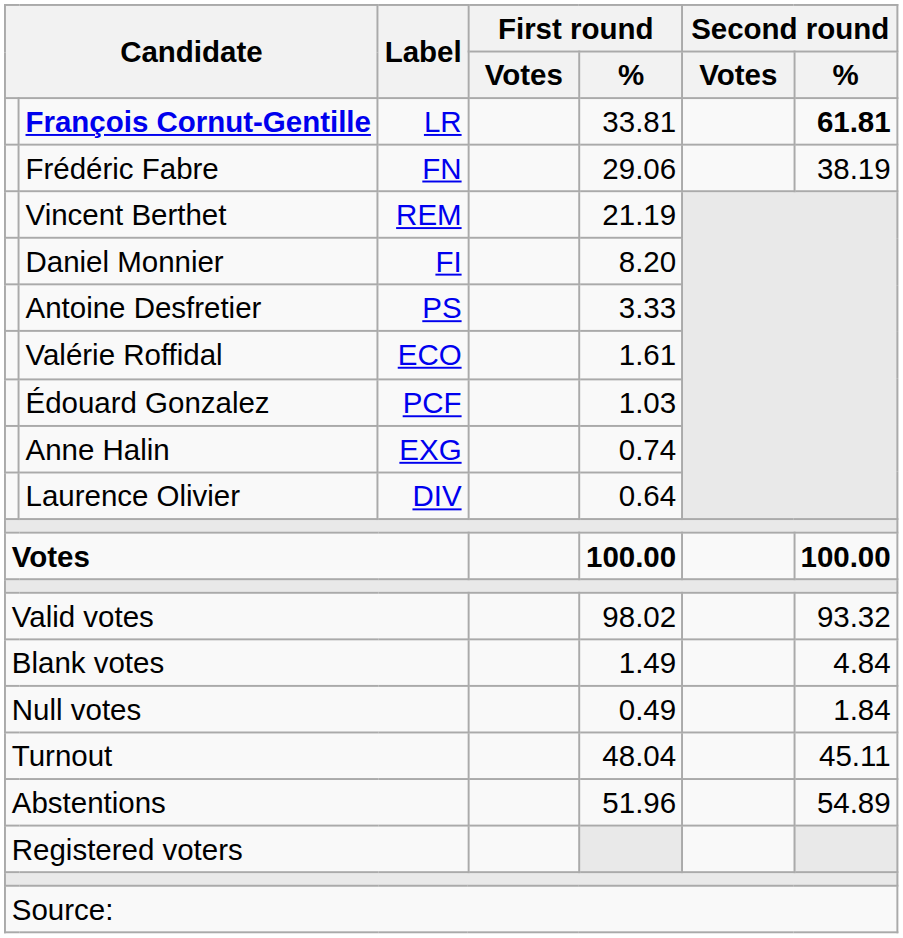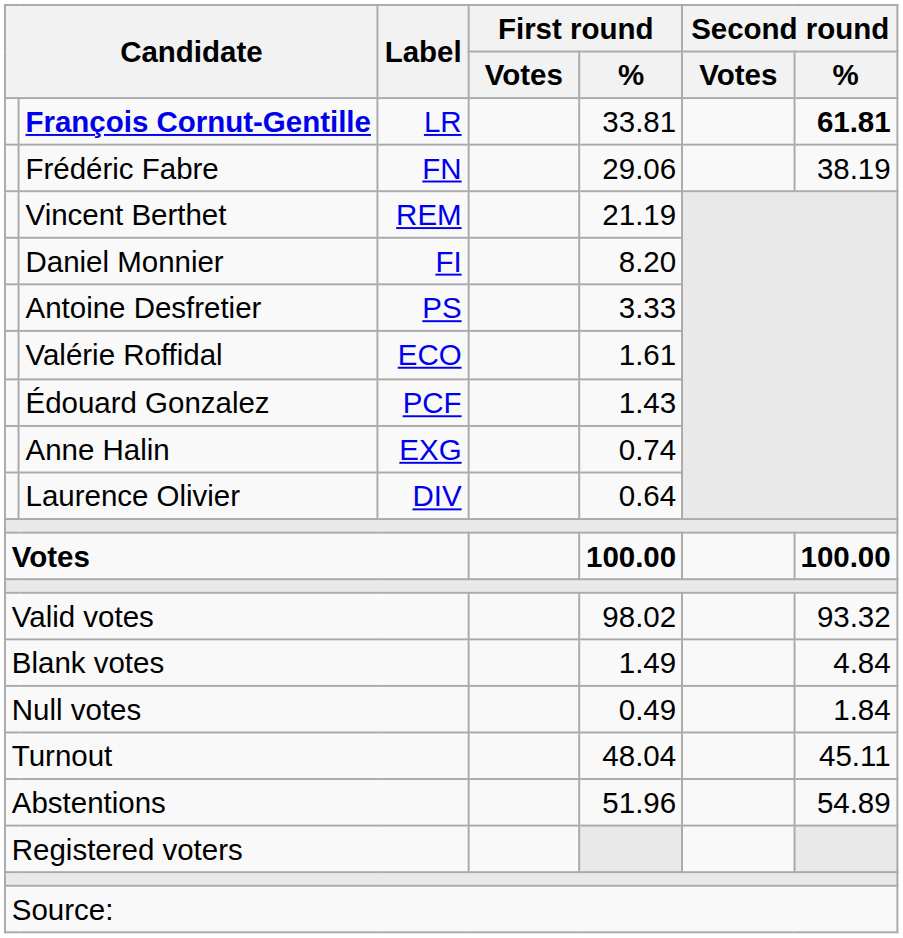 <table class="wikitable" style="text-align:right;font-size:95%;">
 <tr>
 <th rowspan="2" colspan="2">Candidate</th>
 <th rowspan="2">Label</th>
 <th colspan="2">First round</th>
 <th colspan="2">Second round</th>
 </tr>
 <tr>
 <th style="width:50px;">Votes</th>
 <th style="width:45px;">%</th>
 <th style="width:50px;">Votes</th>
 <th style="width:45px;">%</th>
 </tr>
 <tr>
 <td style="color:inherit;background:"></td>
 <td style="text-align:left;"><strong><a href='#'>François Cornut-Gentille</a></strong></td>
 <td><a href='#'>LR</a></td>
 <td></td>
 <td>33.81</td>
 <td><strong></strong></td>
 <td><strong>61.81</strong></td>
 </tr>
 <tr>
 <td style="color:inherit;background:"></td>
 <td style="text-align:left;">Frédéric Fabre</td>
 <td><a href='#'>FN</a></td>
 <td></td>
 <td>29.06</td>
 <td></td>
 <td>38.19</td>
 </tr>
 <tr>
 <td style="color:inherit;background:"></td>
 <td style="text-align:left;">Vincent Berthet</td>
 <td><a href='#'>REM</a></td>
 <td></td>
 <td>21.19</td>
 <td colspan="2" rowspan="7" style="background:#E9E9E9;"></td>
 </tr>
 <tr>
 <td style="color:inherit;background:"></td>
 <td style="text-align:left;">Daniel Monnier</td>
 <td><a href='#'>FI</a></td>
 <td></td>
 <td>8.20</td>
 </tr>
 <tr>
 <td style="color:inherit;background:"></td>
 <td style="text-align:left;">Antoine Desfretier</td>
 <td><a href='#'>PS</a></td>
 <td></td>
 <td>3.33</td>
 </tr>
 <tr>
 <td style="color:inherit;background:"></td>
 <td style="text-align:left;">Valérie Roffidal</td>
 <td><a href='#'>ECO</a></td>
 <td></td>
 <td>1.61</td>
 </tr>
 <tr>
 <td style="color:inherit;background:"></td>
 <td style="text-align:left;">Édouard Gonzalez</td>
 <td><a href='#'>PCF</a></td>
 <td></td>
-<td>1.03</td>
+<td>1.43</td>
 </tr>
 <tr>
 <td style="color:inherit;background:"></td>
 <td style="text-align:left;">Anne Halin</td>
 <td><a href='#'>EXG</a></td>
 <td></td>
 <td>0.74</td>
 </tr>
 <tr>
 <td style="color:inherit;background:"></td>
 <td style="text-align:left;">Laurence Olivier</td>
 <td><a href='#'>DIV</a></td>
 <td></td>
 <td>0.64</td>
 </tr>
 <tr>
 <td colspan="7" style="background:#E9E9E9;"></td>
 </tr>
 <tr style="font-weight:bold;">
 <td colspan="3" style="text-align:left;">Votes</td>
 <td></td>
 <td>100.00</td>
 <td></td>
 <td>100.00</td>
 </tr>
 <tr>
 <td colspan="7" style="background:#E9E9E9;"></td>
 </tr>
 <tr>
 <td colspan="3" style="text-align:left;">Valid votes</td>
 <td></td>
 <td>98.02</td>
 <td></td>
 <td>93.32</td>
 </tr>
 <tr>
 <td colspan="3" style="text-align:left;">Blank votes</td>
 <td></td>
 <td>1.49</td>
 <td></td>
 <td>4.84</td>
 </tr>
 <tr>
 <td colspan="3" style="text-align:left;">Null votes</td>
 <td></td>
 <td>0.49</td>
 <td></td>
 <td>1.84</td>
 </tr>
 <tr>
 <td colspan="3" style="text-align:left;">Turnout</td>
 <td></td>
 <td>48.04</td>
 <td></td>
 <td>45.11</td>
 </tr>
 <tr>
 <td colspan="3" style="text-align:left;">Abstentions</td>
 <td></td>
 <td>51.96</td>
 <td></td>
 <td>54.89</td>
 </tr>
 <tr>
 <td colspan="3" style="text-align:left;">Registered voters</td>
 <td></td>
 <td style="background:#E9E9E9;"></td>
 <td></td>
 <td style="background:#E9E9E9;"></td>
 </tr>
 <tr>
 <td colspan="7" style="background:#E9E9E9;"></td>
 </tr>
 <tr>
 <td colspan="7" style="text-align:left;">Source: </td>
 </tr>
 </table>
